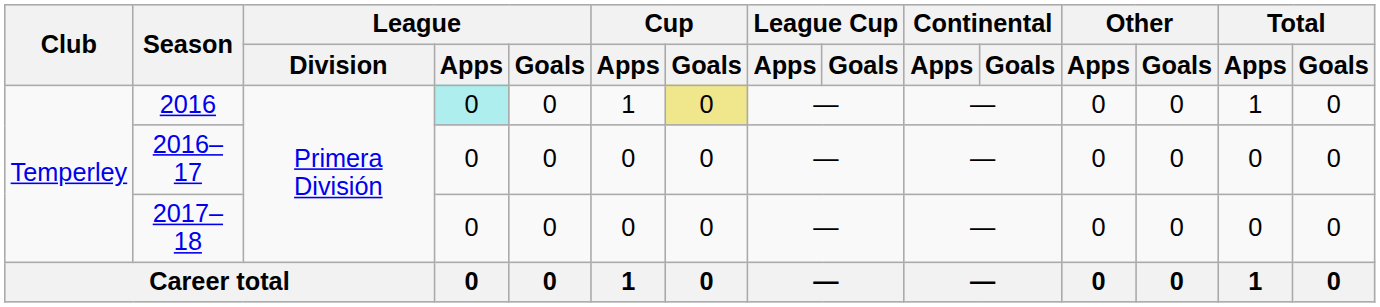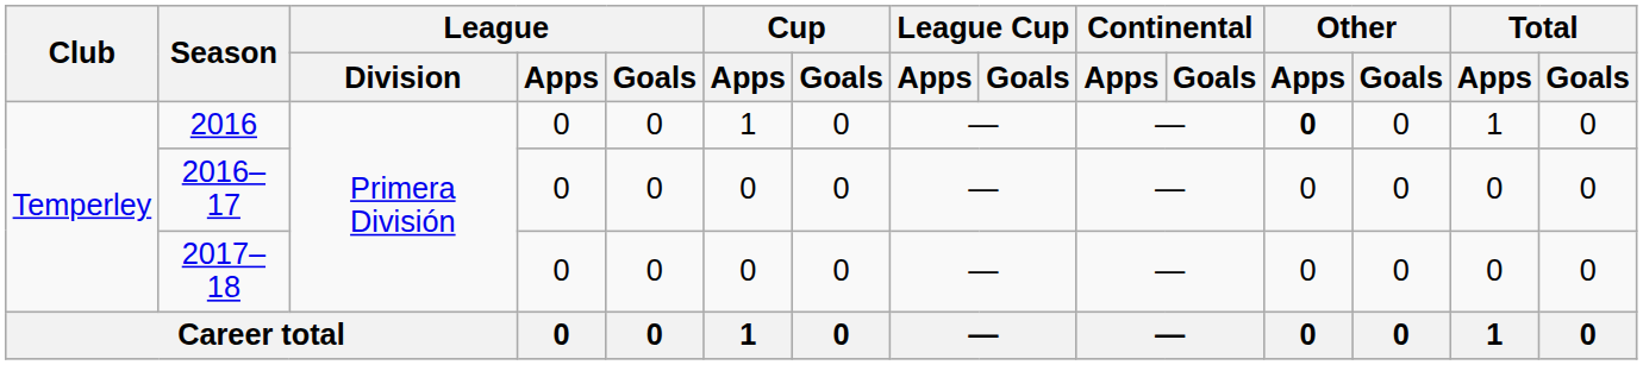 <table class="wikitable" style="text-align:center">
 <tr>
 <th rowspan="2">Club</th>
 <th rowspan="2">Season</th>
 <th colspan="3">League</th>
 <th colspan="2">Cup</th>
 <th colspan="2">League Cup</th>
 <th colspan="2">Continental</th>
 <th colspan="2">Other</th>
 <th colspan="2">Total</th>
 </tr>
 <tr>
 <th>Division</th>
 <th>Apps</th>
 <th>Goals</th>
 <th>Apps</th>
 <th>Goals</th>
 <th>Apps</th>
 <th>Goals</th>
 <th>Apps</th>
 <th>Goals</th>
 <th>Apps</th>
 <th>Goals</th>
 <th>Apps</th>
 <th>Goals</th>
 </tr>
 <tr>
 <td rowspan="3"><a href='#'>Temperley</a></td>
 <td><a href='#'>2016</a></td>
 <td rowspan="3"><a href='#'>Primera División</a></td>
-<td style="background: paleturquoise;">0</td>
+<td>0</td>
 <td>0</td>
 <td>1</td>
-<td style="background: khaki;">0</td>
+<td>0</td>
 <td colspan="2">—</td>
 <td colspan="2">—</td>
-<td>0</td>
+<td><strong>0</strong></td>
 <td>0</td>
 <td>1</td>
 <td>0</td>
 </tr>
 <tr>
 <td><a href='#'>2016–17</a></td>
 <td>0</td>
 <td>0</td>
 <td>0</td>
 <td>0</td>
 <td colspan="2">—</td>
 <td colspan="2">—</td>
 <td>0</td>
 <td>0</td>
 <td>0</td>
 <td>0</td>
 </tr>
 <tr>
 <td><a href='#'>2017–18</a></td>
 <td>0</td>
 <td>0</td>
 <td>0</td>
 <td>0</td>
 <td colspan="2">—</td>
 <td colspan="2">—</td>
 <td>0</td>
 <td>0</td>
 <td>0</td>
 <td>0</td>
 </tr>
 <tr>
 <th colspan="3">Career total</th>
 <th>0</th>
 <th>0</th>
 <th>1</th>
 <th>0</th>
 <th colspan="2">—</th>
 <th colspan="2">—</th>
 <th>0</th>
 <th>0</th>
 <th>1</th>
 <th>0</th>
 </tr>
 </table>
